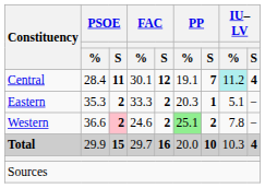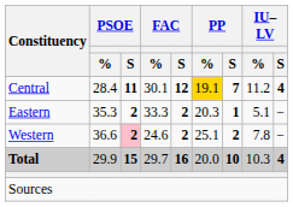 <table class="wikitable sortable" style="text-align:right; line-height:20px;">
 <tr>
 <th rowspan="3">Constituency</th>
 <th colspan="2" width="30px" class="unsortable"><a href='#'>PSOE</a></th>
 <th colspan="2" width="30px" class="unsortable"><a href='#'>FAC</a></th>
 <th colspan="2" width="30px" class="unsortable"><a href='#'>PP</a></th>
 <th colspan="2" width="30px" class="unsortable"><a href='#'>IU</a>–<a href='#'>LV</a></th>
 </tr>
 <tr>
 <th colspan="2" style="background:"></th>
 <th colspan="2" style="background:"></th>
 <th colspan="2" style="background:"></th>
 <th colspan="2" style="background:"></th>
 </tr>
 <tr>
 <th data-sort-type="number">%</th>
 <th data-sort-type="number">S</th>
 <th data-sort-type="number">%</th>
 <th data-sort-type="number">S</th>
 <th data-sort-type="number">%</th>
 <th data-sort-type="number">S</th>
 <th data-sort-type="number">%</th>
 <th data-sort-type="number">S</th>
 </tr>
 <tr>
 <td align="left"><a href='#'>Central</a></td>
 <td>28.4</td>
 <td><strong>11</strong></td>
 <td style="background:">30.1</td>
 <td><strong>12</strong></td>
-<td>19.1</td>
+<td style="background: gold;">19.1</td>
 <td><strong>7</strong></td>
-<td style="background: paleturquoise;">11.2</td>
+<td>11.2</td>
 <td><strong>4</strong></td>
 </tr>
 <tr>
 <td align="left"><a href='#'>Eastern</a></td>
 <td style="background:">35.3</td>
 <td><strong>2</strong></td>
 <td>33.3</td>
 <td><strong>2</strong></td>
 <td>20.3</td>
 <td><strong>1</strong></td>
 <td>5.1</td>
 <td>−</td>
 </tr>
 <tr>
 <td align="left"><a href='#'>Western</a></td>
 <td style="background:">36.6</td>
 <td style="background: pink;"><strong>2</strong></td>
 <td>24.6</td>
 <td><strong>2</strong></td>
-<td style="background: lightgreen;">25.1</td>
+<td>25.1</td>
 <td><strong>2</strong></td>
 <td>7.8</td>
 <td>−</td>
 </tr>
 <tr style="background:#CDCDCD;">
 <td align="left"><strong>Total</strong></td>
 <td style="background:">29.9</td>
 <td><strong>15</strong></td>
 <td>29.7</td>
 <td><strong>16</strong></td>
 <td>20.0</td>
 <td><strong>10</strong></td>
 <td>10.3</td>
 <td><strong>4</strong></td>
 </tr>
 <tr>
 <th colspan="9"></th>
 </tr>
 <tr>
 <th style="text-align:left; font-weight:normal; background:#F9F9F9" colspan="9">Sources</th>
 </tr>
 </table>
